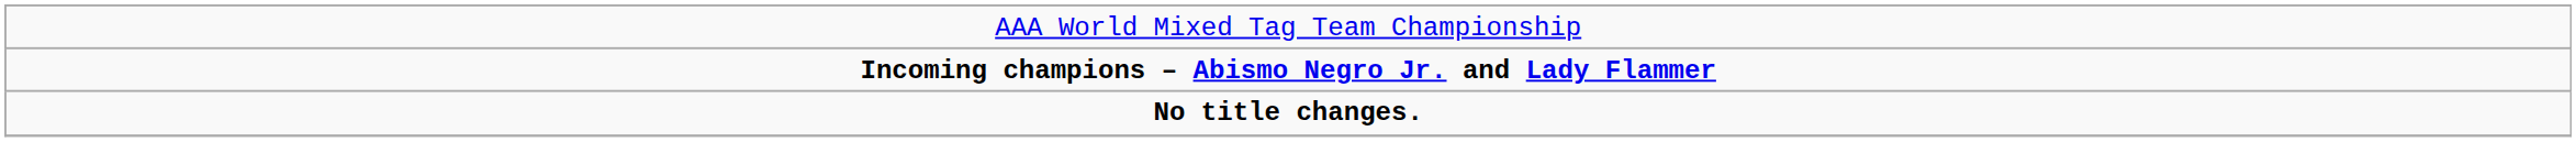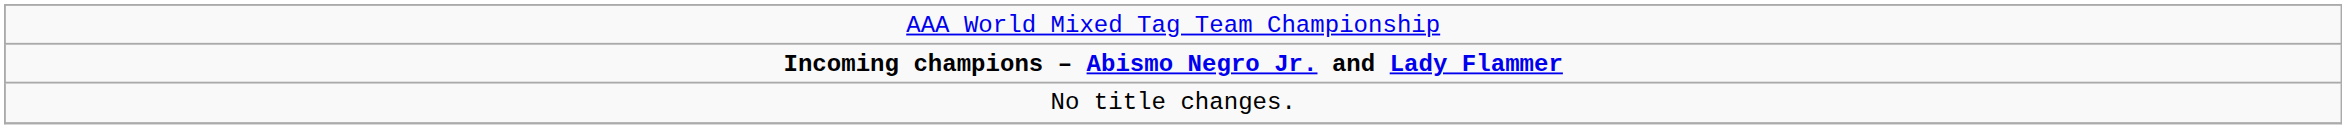 <table class="wikitable" style="text-align:center; width:100%;">
 <tr>
 <td colspan="5" style="text-align: center;"><a href='#'>AAA World Mixed Tag Team Championship</a></td>
 </tr>
 <tr>
 <td colspan="5" style="text-align: center;"><strong>Incoming champions – <a href='#'>Abismo Negro Jr.</a> and <a href='#'>Lady Flammer</a></strong></td>
 </tr>
 <tr>
-<td><strong>No title changes.</strong></td>
+<td>No title changes.</td>
 </tr>
 <tr>
 </tr>
 </table>
